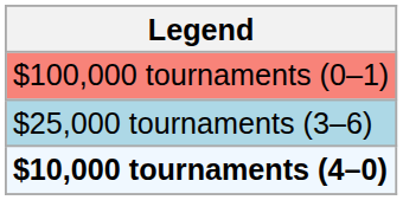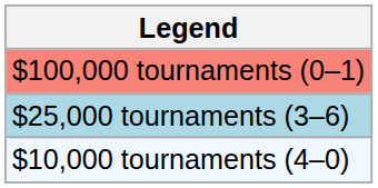 <table class="wikitable" style="font-size:85%;">
 <tr>
 <th>Legend</th>
 </tr>
 <tr style="background:#f88379;">
 <td>$100,000 tournaments (0–1)</td>
 </tr>
 <tr style="background:lightblue;">
 <td>$25,000 tournaments (3–6)</td>
 </tr>
 <tr style="background:#f0f8ff;">
-<td><strong>$10,000 tournaments (4–0)</strong></td>
+<td>$10,000 tournaments (4–0)</td>
 </tr>
 </table>
